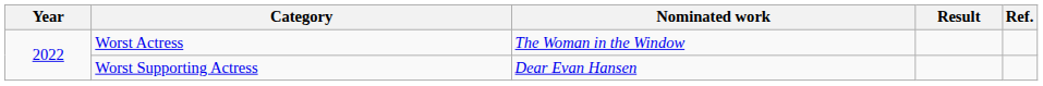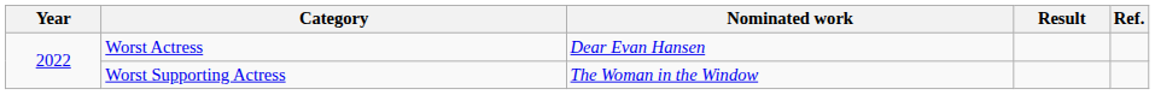 <table class=wikitable>
 <tr>
 <th scope="col" style="width:5em;">Year</th>
 <th scope="col" style="width:26em;">Category</th>
 <th scope="col" style="width:25em;">Nominated work</th>
 <th scope="col" style="width:5em;">Result</th>
 <th>Ref.</th>
 </tr>
 <tr>
 <td rowspan="2" style="text-align:center;"><a href='#'>2022</a></td>
 <td><a href='#'>Worst Actress</a></td>
-<td><em><a href='#'>The Woman in the Window</a></em></td>
+<td><em><a href='#'>Dear Evan Hansen</a></em></td>
 <td></td>
 <td></td>
 </tr>
 <tr>
 <td><a href='#'>Worst Supporting Actress</a></td>
-<td><em><a href='#'>Dear Evan Hansen</a></em></td>
+<td><em><a href='#'>The Woman in the Window</a></em></td>
 <td></td>
 <td></td>
 </tr>
 </table>
